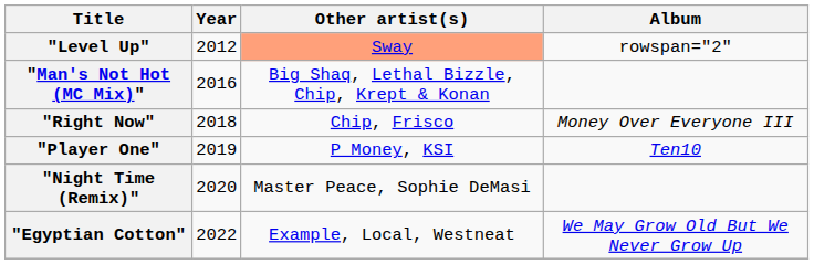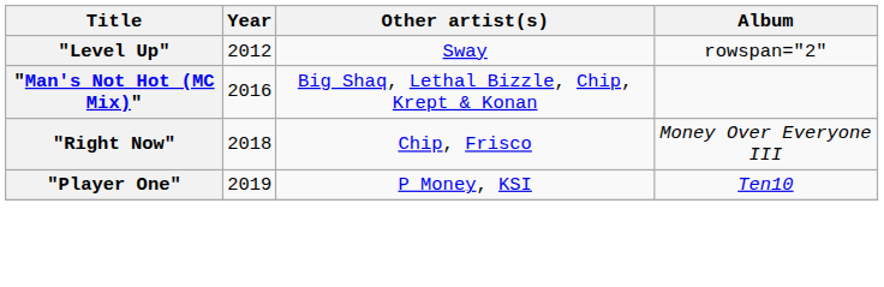 <table class="wikitable plainrowheaders" style="text-align:center;">
 <tr>
 <th scope="col">Title</th>
 <th scope="col">Year</th>
 <th scope="col">Other artist(s)</th>
 <th scope="col">Album</th>
 </tr>
 <tr>
 <th scope="row">"Level Up"</th>
 <td>2012</td>
-<td style="background: lightsalmon;"><a href='#'>Sway</a></td>
+<td><a href='#'>Sway</a></td>
 <td>rowspan="2" </td>
 </tr>
 <tr>
 <th scope="row">"<a href='#'>Man's Not Hot (MC Mix)</a>"</th>
 <td>2016</td>
 <td><a href='#'>Big Shaq</a>, <a href='#'>Lethal Bizzle</a>, <a href='#'>Chip</a>, <a href='#'>Krept & Konan</a></td>
 </tr>
 <tr>
 <th scope="row">"Right Now"</th>
 <td>2018</td>
 <td><a href='#'>Chip</a>, <a href='#'>Frisco</a></td>
 <td><em>Money Over Everyone III</em></td>
 </tr>
 <tr>
 <th scope="row">"Player One"</th>
 <td>2019</td>
 <td><a href='#'>P Money</a>, <a href='#'>KSI</a></td>
 <td><em><a href='#'>Ten10</a></em></td>
 </tr>
 <tr>
-<th scope="row">"Night Time (Remix)"</th>
-<td>2020</td>
-<td>Master Peace, Sophie DeMasi</td>
-<td></td>
-</tr>
-<tr>
-<th scope="row">"Egyptian Cotton"</th>
-<td>2022</td>
-<td><a href='#'>Example</a>, Local, Westneat</td>
-<td><em><a href='#'>We May Grow Old But We Never Grow Up</a></em></td>
-</tr>
-<tr>
 </tr>
 </table>
